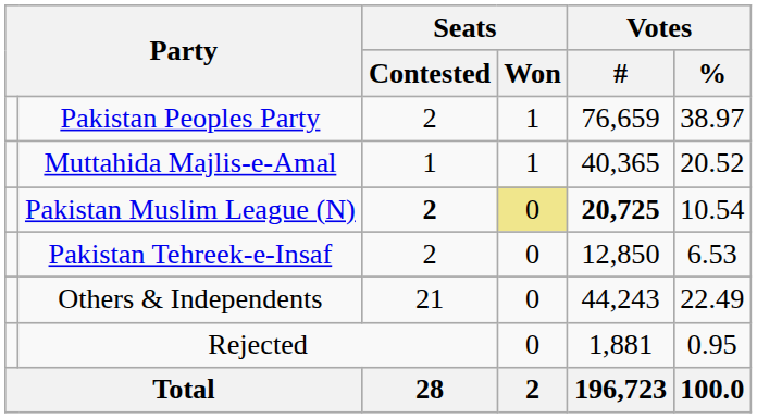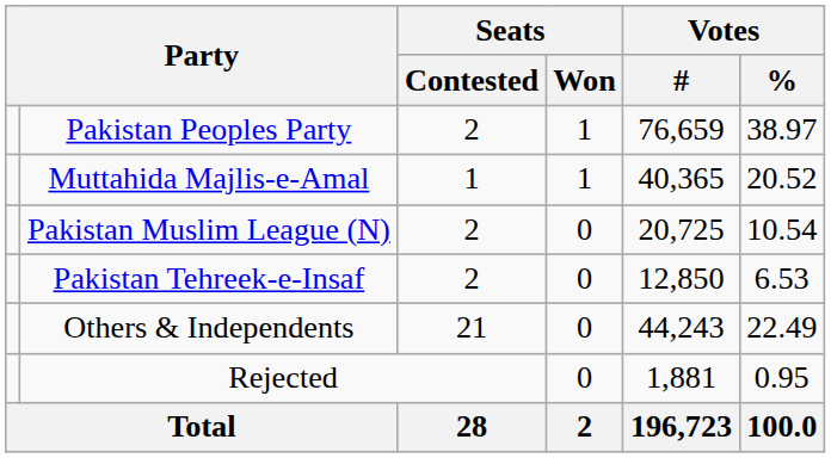 <table class="wikitable" style="text-align: center">
 <tr>
 <th colspan="2" rowspan="2">Party</th>
 <th colspan="2">Seats</th>
 <th colspan="2">Votes</th>
 </tr>
 <tr>
 <th>Contested</th>
 <th>Won</th>
 <th>#</th>
 <th>%</th>
 </tr>
 <tr>
 <td style="color:inherit;background:"></td>
 <td><a href='#'>Pakistan Peoples Party</a></td>
 <td>2</td>
 <td>1</td>
 <td>76,659</td>
 <td>38.97</td>
 </tr>
 <tr>
 <td style="color:inherit;background:"></td>
 <td><a href='#'>Muttahida Majlis-e-Amal</a></td>
 <td>1</td>
 <td>1</td>
 <td>40,365</td>
 <td>20.52</td>
 </tr>
 <tr>
 <td style="color:inherit;background:"></td>
 <td><a href='#'>Pakistan Muslim League (N)</a></td>
-<td><strong>2</strong></td>
-<td style="background: khaki;">0</td>
-<td><strong>20,725</strong></td>
+<td>2</td>
+<td>0</td>
+<td>20,725</td>
 <td>10.54</td>
 </tr>
 <tr>
 <td style="color:inherit;background:"></td>
 <td><a href='#'>Pakistan Tehreek-e-Insaf</a></td>
 <td>2</td>
 <td>0</td>
 <td>12,850</td>
 <td>6.53</td>
 </tr>
 <tr>
 <td style="color:inherit;background:"></td>
 <td>Others & Independents</td>
 <td>21</td>
 <td>0</td>
 <td>44,243</td>
 <td>22.49</td>
 </tr>
 <tr>
 <td style="color:inherit;background:"></td>
 <td colspan="2">Rejected</td>
 <td>0</td>
 <td>1,881</td>
 <td>0.95</td>
 </tr>
 <tr>
 <th colspan="2">Total</th>
 <th>28</th>
 <th>2</th>
 <th>196,723</th>
 <th>100.0</th>
 </tr>
 </table>
